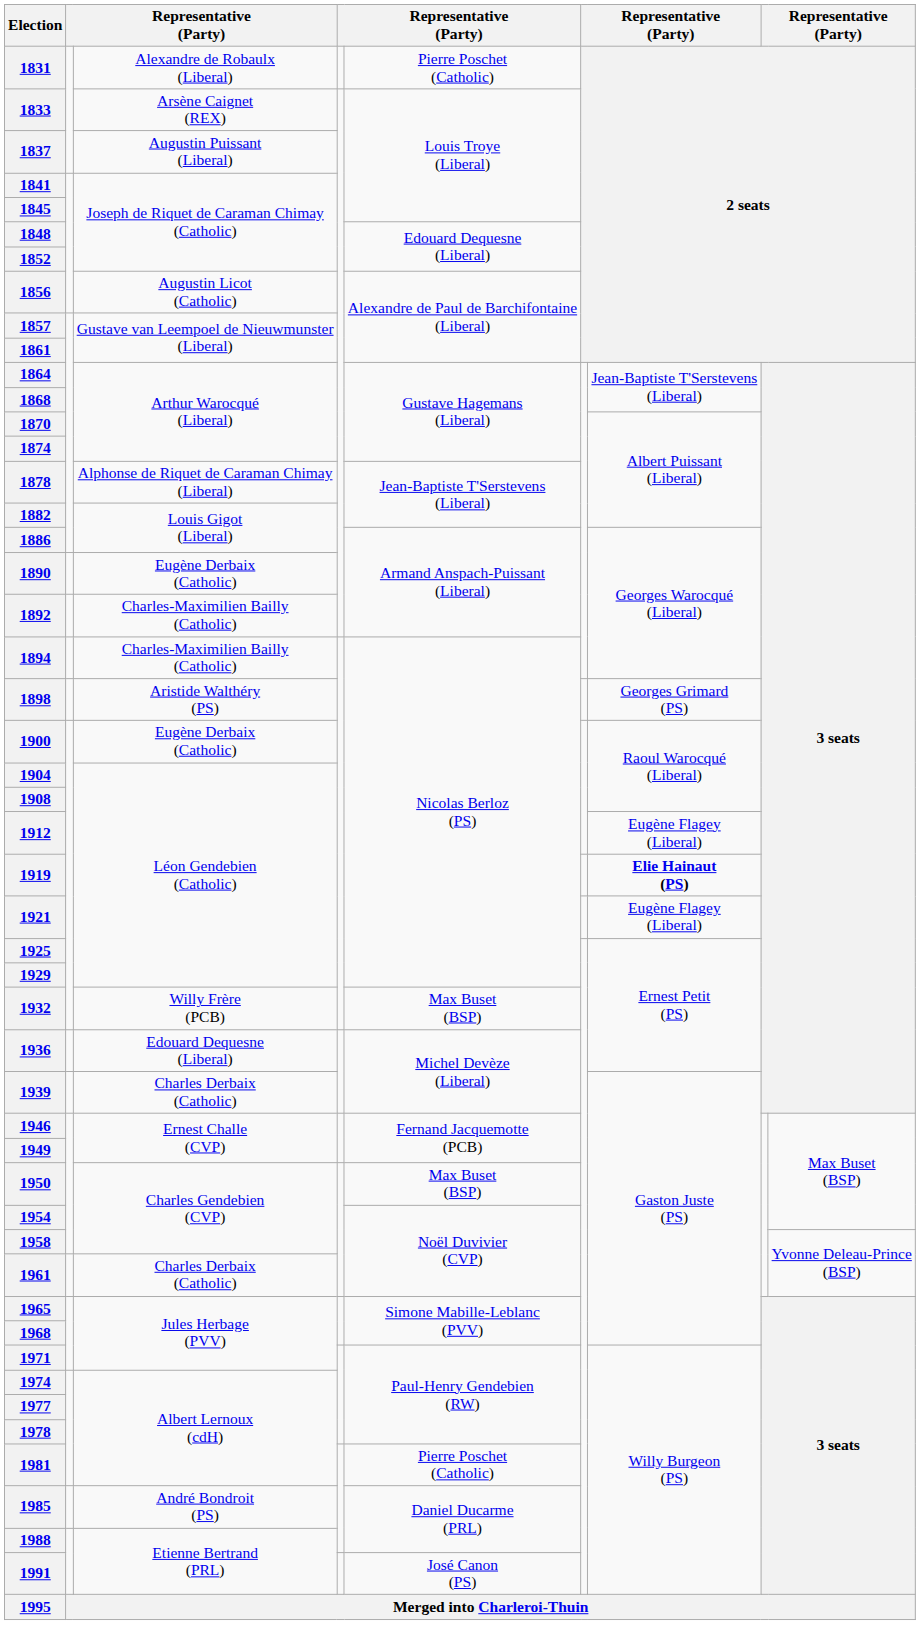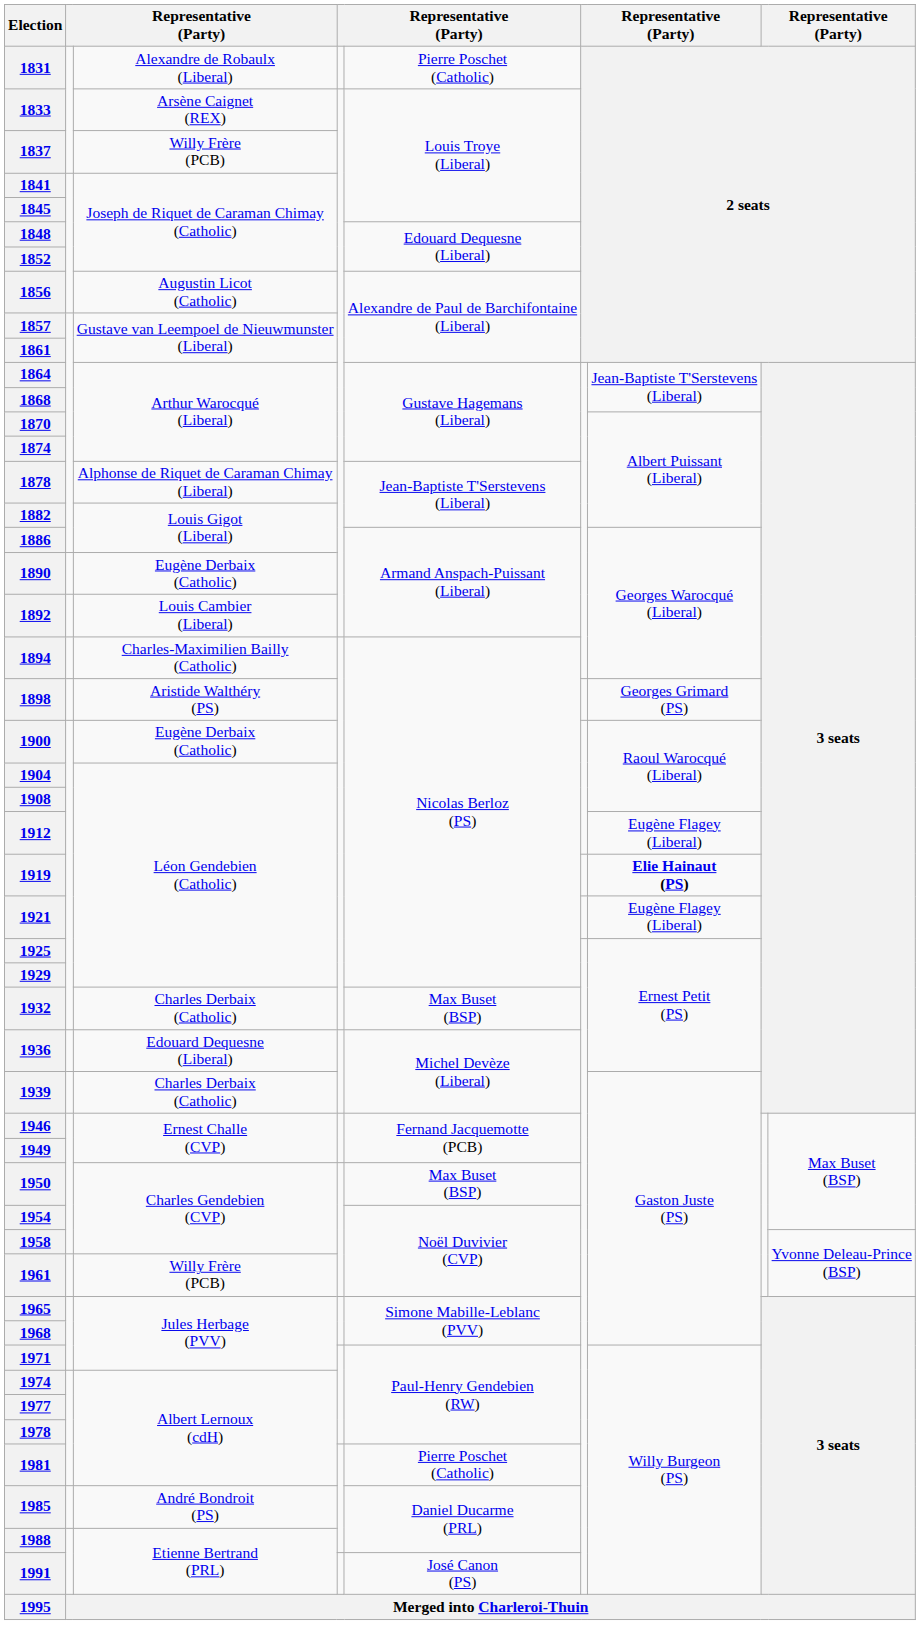 <table class="wikitable" style="text-align:center">
 <tr>
 <th>Election</th>
 <th colspan=2>Representative<br>(Party)</th>
 <th colspan=2>Representative<br>(Party)</th>
 <th colspan=2>Representative<br>(Party)</th>
 <th colspan=2>Representative<br>(Party)</th>
 </tr>
 <tr>
 <th><a href='#'>1831</a></th>
 <td rowspan=3; style="background-color: "></td>
 <td rowspan=1><a href='#'>Alexandre de Robaulx</a><br>(<a href='#'>Liberal</a>)</td>
 <td rowspan=1; style="background-color: "></td>
 <td rowspan=1><a href='#'>Pierre Poschet</a><br>(<a href='#'>Catholic</a>)</td>
 <th rowspan=10; colspan=4>2 seats</th>
 </tr>
 <tr>
 <th><a href='#'>1833</a></th>
 <td rowspan=1><a href='#'>Arsène Caignet</a><br>(<a href='#'>REX</a>)</td>
 <td rowspan=18; style="background-color: "></td>
 <td rowspan=4><a href='#'>Louis Troye</a><br>(<a href='#'>Liberal</a>)</td>
 </tr>
 <tr>
 <th><a href='#'>1837</a></th>
-<td rowspan=1><a href='#'>Augustin Puissant</a><br>(<a href='#'>Liberal</a>)</td>
+<td rowspan=1><a href='#'>Willy Frère</a><br>(PCB)</td>
 </tr>
 <tr>
 <th><a href='#'>1841</a></th>
 <td rowspan=5; style="background-color: "></td>
 <td rowspan=4><a href='#'>Joseph de Riquet de Caraman Chimay</a><br>(<a href='#'>Catholic</a>)</td>
 </tr>
 <tr>
 <th><a href='#'>1845</a></th>
 </tr>
 <tr>
 <th><a href='#'>1848</a></th>
 <td rowspan=2><a href='#'>Edouard Dequesne</a><br>(<a href='#'>Liberal</a>)</td>
 </tr>
 <tr>
 <th><a href='#'>1852</a></th>
 </tr>
 <tr>
 <th><a href='#'>1856</a></th>
 <td rowspan=1><a href='#'>Augustin Licot</a><br>(<a href='#'>Catholic</a>)</td>
 <td rowspan=3><a href='#'>Alexandre de Paul de Barchifontaine</a><br>(<a href='#'>Liberal</a>)</td>
 </tr>
 <tr>
 <th><a href='#'>1857</a></th>
 <td rowspan=9; style="background-color: "></td>
 <td rowspan=2><a href='#'>Gustave van Leempoel de Nieuwmunster</a><br>(<a href='#'>Liberal</a>)</td>
 </tr>
 <tr>
 <th><a href='#'>1861</a></th>
 </tr>
 <tr>
 <th><a href='#'>1864</a></th>
 <td rowspan=4><a href='#'>Arthur Warocqué</a><br>(<a href='#'>Liberal</a>)</td>
 <td rowspan=4><a href='#'>Gustave Hagemans</a><br>(<a href='#'>Liberal</a>)</td>
 <td rowspan=10; style="background-color: "></td>
 <td rowspan=2><a href='#'>Jean-Baptiste T'Serstevens</a><br>(<a href='#'>Liberal</a>)</td>
 <th colspan=2; rowspan=22>3 seats</th>
 </tr>
 <tr>
 <th><a href='#'>1868</a></th>
 </tr>
 <tr>
 <th><a href='#'>1870</a></th>
 <td rowspan=4><a href='#'>Albert Puissant</a><br>(<a href='#'>Liberal</a>)</td>
 </tr>
 <tr>
 <th><a href='#'>1874</a></th>
 </tr>
 <tr>
 <th><a href='#'>1878</a></th>
 <td rowspan=1><a href='#'>Alphonse de Riquet de Caraman Chimay</a><br>(<a href='#'>Liberal</a>)</td>
 <td rowspan=2><a href='#'>Jean-Baptiste T'Serstevens</a><br>(<a href='#'>Liberal</a>)</td>
 </tr>
 <tr>
 <th><a href='#'>1882</a></th>
 <td rowspan=2><a href='#'>Louis Gigot</a><br>(<a href='#'>Liberal</a>)</td>
 </tr>
 <tr>
 <th><a href='#'>1886</a></th>
 <td rowspan=3><a href='#'>Armand Anspach-Puissant</a><br>(<a href='#'>Liberal</a>)</td>
 <td rowspan=4><a href='#'>Georges Warocqué</a><br>(<a href='#'>Liberal</a>)</td>
 </tr>
 <tr>
 <th><a href='#'>1890</a></th>
 <td rowspan=1; style="background-color: "></td>
 <td rowspan=1><a href='#'>Eugène Derbaix</a><br>(<a href='#'>Catholic</a>)</td>
 </tr>
 <tr>
 <th><a href='#'>1892</a></th>
 <td rowspan=1; style="background-color: "></td>
-<td rowspan=1><a href='#'>Charles-Maximilien Bailly</a><br>(<a href='#'>Catholic</a>)</td>
+<td rowspan=1><a href='#'>Louis Cambier</a><br>(<a href='#'>Liberal</a>)</td>
 </tr>
 <tr>
 <th><a href='#'>1894</a></th>
 <td rowspan=1; style="background-color: "></td>
 <td rowspan=1><a href='#'>Charles-Maximilien Bailly</a><br>(<a href='#'>Catholic</a>)</td>
 <td rowspan=11; style="background-color: "></td>
 <td rowspan=10><a href='#'>Nicolas Berloz</a><br>(<a href='#'>PS</a>)</td>
 </tr>
 <tr>
 <th><a href='#'>1898</a></th>
 <td rowspan=1; style="background-color: "></td>
 <td rowspan=1><a href='#'>Aristide Walthéry</a><br>(<a href='#'>PS</a>)</td>
 <td rowspan=1; style="background-color: "></td>
 <td rowspan=1><a href='#'>Georges Grimard</a><br>(<a href='#'>PS</a>)</td>
 </tr>
 <tr>
 <th><a href='#'>1900</a></th>
 <td rowspan=9; style="background-color: "></td>
 <td rowspan=1><a href='#'>Eugène Derbaix</a><br>(<a href='#'>Catholic</a>)</td>
 <td rowspan=4; style="background-color: "></td>
 <td rowspan=3><a href='#'>Raoul Warocqué</a><br>(<a href='#'>Liberal</a>)</td>
 </tr>
 <tr>
 <th><a href='#'>1904</a></th>
 <td rowspan=7><a href='#'>Léon Gendebien</a><br>(<a href='#'>Catholic</a>)</td>
 </tr>
 <tr>
 <th><a href='#'>1908</a></th>
 </tr>
 <tr>
 <th><a href='#'>1912</a></th>
 <td rowspan=1><a href='#'>Eugène Flagey</a><br>(<a href='#'>Liberal</a>)</td>
 </tr>
 <tr>
 <th><a href='#'>1919</a></th>
 <td rowspan=1; style="background-color: "></td>
 <td rowspan=1><strong><a href='#'>Elie Hainaut</a><br>(<a href='#'>PS</a>)</strong></td>
 </tr>
 <tr>
 <th><a href='#'>1921</a></th>
 <td rowspan=1; style="background-color: "></td>
 <td rowspan=1><a href='#'>Eugène Flagey</a><br>(<a href='#'>Liberal</a>)</td>
 </tr>
 <tr>
 <th><a href='#'>1925</a></th>
 <td rowspan=21; style="background-color: "></td>
 <td rowspan=4><a href='#'>Ernest Petit</a><br>(<a href='#'>PS</a>)</td>
 </tr>
 <tr>
 <th><a href='#'>1929</a></th>
 </tr>
 <tr>
 <th><a href='#'>1932</a></th>
-<td rowspan=1><a href='#'>Willy Frère</a><br>(PCB)</td>
+<td rowspan=1><a href='#'>Charles Derbaix</a><br>(<a href='#'>Catholic</a>)</td>
 <td rowspan=1><a href='#'>Max Buset</a><br>(<a href='#'>BSP</a>)</td>
 </tr>
 <tr>
 <th><a href='#'>1936</a></th>
 <td rowspan=1; style="background-color: "></td>
 <td rowspan=1><a href='#'>Edouard Dequesne</a><br>(<a href='#'>Liberal</a>)</td>
 <td rowspan=2; style="background-color: "></td>
 <td rowspan=2><a href='#'>Michel Devèze</a><br>(<a href='#'>Liberal</a>)</td>
 </tr>
 <tr>
 <th><a href='#'>1939</a></th>
 <td rowspan=1; style="background-color: "></td>
 <td rowspan=1><a href='#'>Charles Derbaix</a><br>(<a href='#'>Catholic</a>)</td>
 <td rowspan=9><a href='#'>Gaston Juste</a><br>(<a href='#'>PS</a>)</td>
 </tr>
 <tr>
 <th><a href='#'>1946</a></th>
 <td rowspan=5; style="background-color: "></td>
 <td rowspan=2><a href='#'>Ernest Challe</a><br>(<a href='#'>CVP</a>)</td>
 <td rowspan=2; style="background-color: "></td>
 <td rowspan=2><a href='#'>Fernand Jacquemotte</a><br>(PCB)</td>
 <td rowspan=6; style="background-color: "></td>
 <td rowspan=4><a href='#'>Max Buset</a><br>(<a href='#'>BSP</a>)</td>
 </tr>
 <tr>
 <th><a href='#'>1949</a></th>
 </tr>
 <tr>
 <th><a href='#'>1950</a></th>
 <td rowspan=3><a href='#'>Charles Gendebien</a><br>(<a href='#'>CVP</a>)</td>
 <td rowspan=4; style="background-color: "></td>
 <td rowspan=1><a href='#'>Max Buset</a><br>(<a href='#'>BSP</a>)</td>
 </tr>
 <tr>
 <th><a href='#'>1954</a></th>
 <td rowspan=3><a href='#'>Noël Duvivier</a><br>(<a href='#'>CVP</a>)</td>
 </tr>
 <tr>
 <th><a href='#'>1958</a></th>
 <td rowspan=2><a href='#'>Yvonne Deleau-Prince</a><br>(<a href='#'>BSP</a>)</td>
 </tr>
 <tr>
 <th><a href='#'>1961</a></th>
 <td rowspan=1; style="background-color: "></td>
-<td rowspan=1><a href='#'>Charles Derbaix</a><br>(<a href='#'>Catholic</a>)</td>
+<td rowspan=1><a href='#'>Willy Frère</a><br>(PCB)</td>
 </tr>
 <tr>
 <th><a href='#'>1965</a></th>
 <td rowspan=3; style="background-color: "></td>
 <td rowspan=3><a href='#'>Jules Herbage</a><br>(<a href='#'>PVV</a>)</td>
 <td rowspan=2; style="background-color: "></td>
 <td rowspan=2><a href='#'>Simone Mabille-Leblanc</a><br>(<a href='#'>PVV</a>)</td>
 <th colspan=2; rowspan=10>3 seats</th>
 </tr>
 <tr>
 <th><a href='#'>1968</a></th>
 </tr>
 <tr>
 <th><a href='#'>1971</a></th>
 <td rowspan=4; style="background-color: "></td>
 <td rowspan=4><a href='#'>Paul-Henry Gendebien</a><br>(<a href='#'>RW</a>)</td>
 <td rowspan=8><a href='#'>Willy Burgeon</a><br>(<a href='#'>PS</a>)</td>
 </tr>
 <tr>
 <th><a href='#'>1974</a></th>
 <td rowspan=4; style="background-color: "></td>
 <td rowspan=4><a href='#'>Albert Lernoux</a><br>(<a href='#'>cdH</a>)</td>
 </tr>
 <tr>
 <th><a href='#'>1977</a></th>
 </tr>
 <tr>
 <th><a href='#'>1978</a></th>
 </tr>
 <tr>
 <th><a href='#'>1981</a></th>
 <td rowspan=3; style="background-color: "></td>
 <td rowspan=1><a href='#'>Pierre Poschet</a><br>(<a href='#'>Catholic</a>)</td>
 </tr>
 <tr>
 <th><a href='#'>1985</a></th>
 <td rowspan=1; style="background-color: "></td>
 <td rowspan=1><a href='#'>André Bondroit</a><br>(<a href='#'>PS</a>)</td>
 <td rowspan=2><a href='#'>Daniel Ducarme</a><br>(<a href='#'>PRL</a>)</td>
 </tr>
 <tr>
 <th><a href='#'>1988</a></th>
 <td rowspan=2; style="background-color: "></td>
 <td rowspan=2><a href='#'>Etienne Bertrand</a><br>(<a href='#'>PRL</a>)</td>
 </tr>
 <tr>
 <th><a href='#'>1991</a></th>
 <td rowspan=1; style="background-color: "></td>
 <td rowspan=1><a href='#'>José Canon</a><br>(<a href='#'>PS</a>)</td>
 </tr>
 <tr>
 <th><a href='#'>1995</a></th>
 <th colspan=8>Merged into <a href='#'>Charleroi-Thuin</a></th>
 </tr>
 </table>
